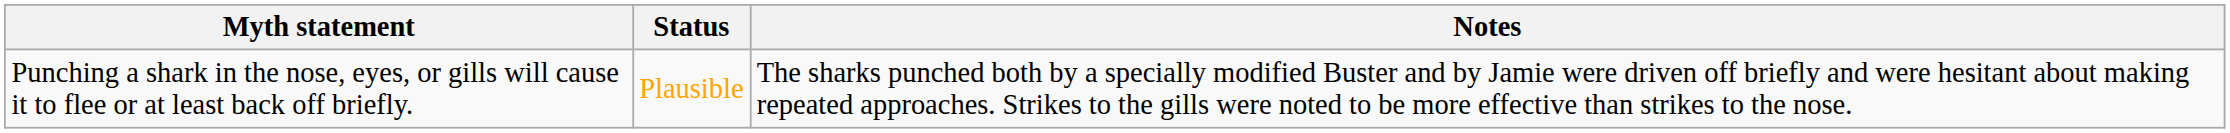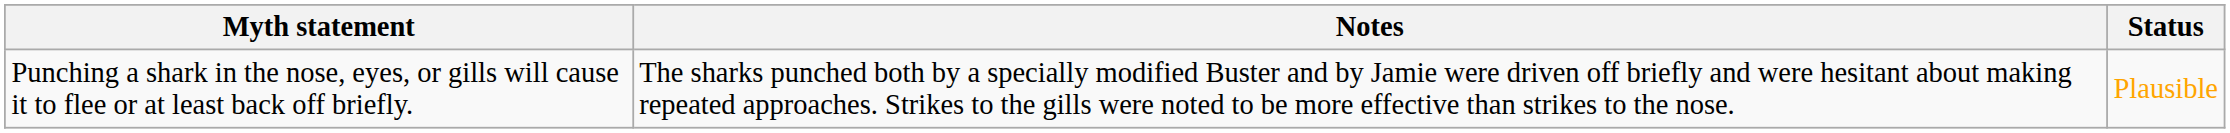 <table class="wikitable plainrowheaders">
 <tr>
 <th>Myth statement</th>
+<th>Notes</th>
 <th>Status</th>
-<th>Notes</th>
 </tr>
 <tr>
 <td>Punching a shark in the nose, eyes, or gills will cause it to flee or at least back off briefly.</td>
+<td>The sharks punched both by a specially modified Buster and by Jamie were driven off briefly and were hesitant about making repeated approaches. Strikes to the gills were noted to be more effective than strikes to the nose.</td>
 <td style="color:orange">Plausible</td>
-<td>The sharks punched both by a specially modified Buster and by Jamie were driven off briefly and were hesitant about making repeated approaches. Strikes to the gills were noted to be more effective than strikes to the nose.</td>
 </tr>
 </table>
